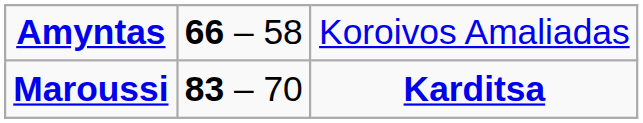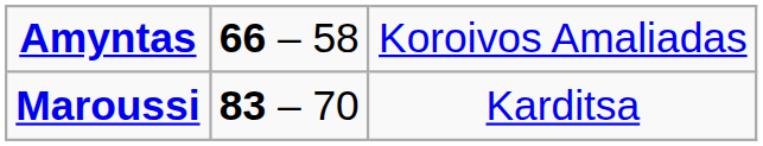 <table class="wikitable" style="text-align: center; font-size:100%">
 <tr>
 <td><strong><a href='#'>Amyntas</a></strong></td>
 <td><strong>66</strong> – 58</td>
 <td><a href='#'>Koroivos Amaliadas</a></td>
 </tr>
 <tr>
 <td><strong><a href='#'>Maroussi</a></strong></td>
 <td><strong>83</strong> – 70</td>
-<td><strong><a href='#'>Karditsa</a></strong></td>
+<td><a href='#'>Karditsa</a></td>
 </tr>
 </table>
